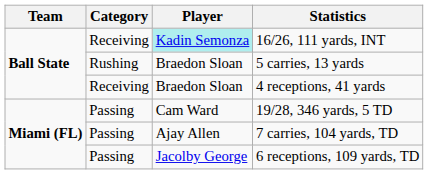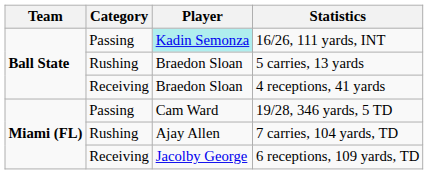 <table class="wikitable" style="float: right;">
 <tr>
 <th>Team</th>
 <th>Category</th>
 <th>Player</th>
 <th>Statistics</th>
 </tr>
 <tr>
 <td rowspan=3><strong>Ball State</strong></td>
-<td>Receiving</td>
+<td>Passing</td>
 <td style="background: paleturquoise;"><a href='#'>Kadin Semonza</a></td>
 <td>16/26, 111 yards, INT</td>
 </tr>
 <tr>
 <td>Rushing</td>
 <td>Braedon Sloan</td>
 <td>5 carries, 13 yards</td>
 </tr>
 <tr>
 <td>Receiving</td>
 <td>Braedon Sloan</td>
 <td>4 receptions, 41 yards</td>
 </tr>
 <tr>
 <td rowspan=3><strong>Miami (FL)</strong></td>
 <td>Passing</td>
 <td>Cam Ward</td>
 <td>19/28, 346 yards, 5 TD</td>
 </tr>
 <tr>
-<td>Passing</td>
+<td>Rushing</td>
 <td>Ajay Allen</td>
 <td>7 carries, 104 yards, TD</td>
 </tr>
 <tr>
-<td>Passing</td>
+<td>Receiving</td>
 <td><a href='#'>Jacolby George</a></td>
 <td>6 receptions, 109 yards, TD</td>
 </tr>
 </table>
